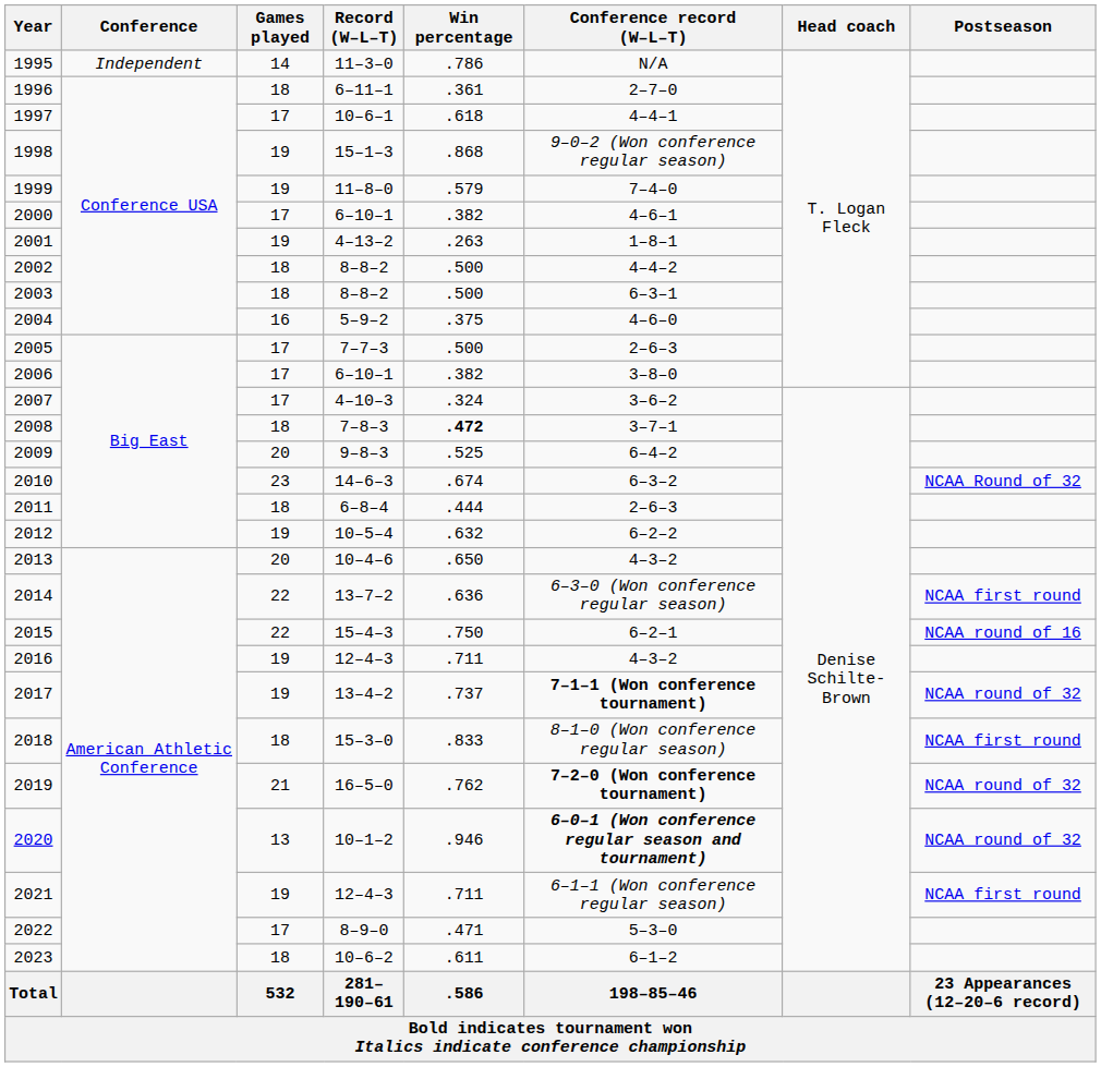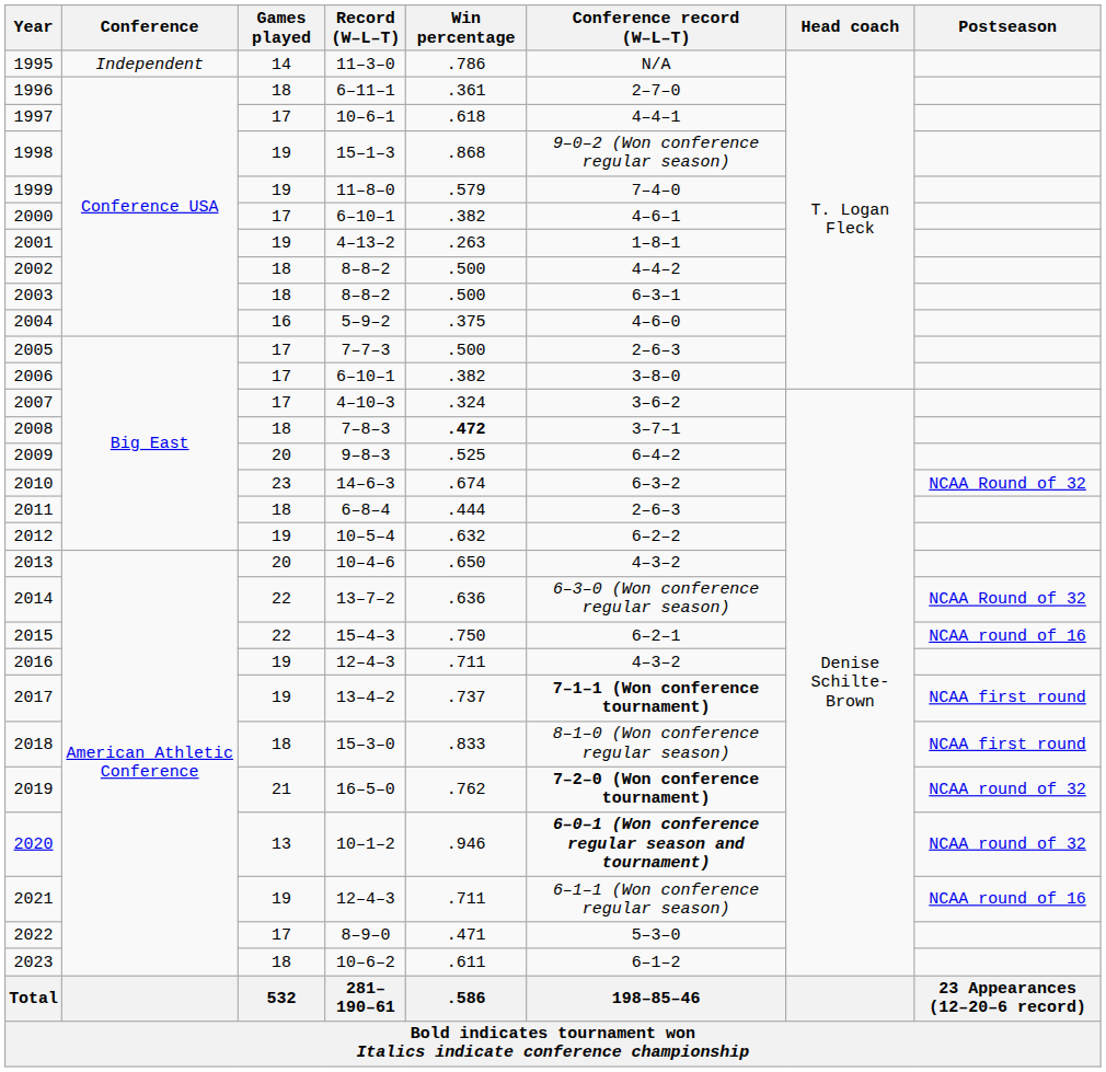 <table class="wikitable sortable" style="text-align:center;">
 <tr>
 <th style="text-align:center;">Year</th>
 <th style="text-align:center;">Conference</th>
 <th style="text-align:center;">Games played</th>
 <th style="text-align:center;">Record<br>(W–L–T)</th>
 <th style="text-align:center;">Win percentage</th>
 <th style="text-align:center;">Conference record<br>(W–L–T)</th>
 <th style="text-align:center;">Head coach</th>
 <th style="text-align:center;">Postseason</th>
 </tr>
 <tr>
 <td>1995</td>
 <td><em>Independent</em></td>
 <td>14</td>
 <td>11–3–0</td>
 <td>.786</td>
 <td>N/A</td>
 <td rowspan="12">T. Logan Fleck</td>
 <td></td>
 </tr>
 <tr>
 <td>1996</td>
 <td rowspan="9"><a href='#'>Conference USA</a></td>
 <td>18</td>
 <td>6–11–1</td>
 <td>.361</td>
 <td>2–7–0</td>
 <td></td>
 </tr>
 <tr>
 <td>1997</td>
 <td>17</td>
 <td>10–6–1</td>
 <td>.618</td>
 <td>4–4–1</td>
 <td></td>
 </tr>
 <tr>
 <td>1998</td>
 <td>19</td>
 <td>15–1–3</td>
 <td>.868</td>
 <td><em>9–0–2 (Won conference regular season)</em></td>
 <td></td>
 </tr>
 <tr>
 <td>1999</td>
 <td>19</td>
 <td>11–8–0</td>
 <td>.579</td>
 <td>7–4–0</td>
 <td></td>
 </tr>
 <tr>
 <td>2000</td>
 <td>17</td>
 <td>6–10–1</td>
 <td>.382</td>
 <td>4–6–1</td>
 <td></td>
 </tr>
 <tr>
 <td>2001</td>
 <td>19</td>
 <td>4–13–2</td>
 <td>.263</td>
 <td>1–8–1</td>
 <td></td>
 </tr>
 <tr>
 <td>2002</td>
 <td>18</td>
 <td>8–8–2</td>
 <td>.500</td>
 <td>4–4–2</td>
 <td></td>
 </tr>
 <tr>
 <td>2003</td>
 <td>18</td>
 <td>8–8–2</td>
 <td>.500</td>
 <td>6–3–1</td>
 <td></td>
 </tr>
 <tr>
 <td>2004</td>
 <td>16</td>
 <td>5–9–2</td>
 <td>.375</td>
 <td>4–6–0</td>
 <td></td>
 </tr>
 <tr>
 <td>2005</td>
 <td rowspan="8"><a href='#'>Big East</a></td>
 <td>17</td>
 <td>7–7–3</td>
 <td>.500</td>
 <td>2–6–3</td>
 <td></td>
 </tr>
 <tr>
 <td>2006</td>
 <td>17</td>
 <td>6–10–1</td>
 <td>.382</td>
 <td>3–8–0</td>
 <td></td>
 </tr>
 <tr>
 <td>2007</td>
 <td>17</td>
 <td>4–10–3</td>
 <td>.324</td>
 <td>3–6–2</td>
 <td rowspan="17">Denise Schilte-Brown</td>
 <td></td>
 </tr>
 <tr>
 <td>2008</td>
 <td>18</td>
 <td>7–8–3</td>
 <td><strong>.472</strong></td>
 <td>3–7–1</td>
 <td></td>
 </tr>
 <tr>
 <td>2009</td>
 <td>20</td>
 <td>9–8–3</td>
 <td>.525</td>
 <td>6–4–2</td>
 <td></td>
 </tr>
 <tr>
 <td>2010</td>
 <td>23</td>
 <td>14–6–3</td>
 <td>.674</td>
 <td>6–3–2</td>
 <td><a href='#'>NCAA Round of 32</a></td>
 </tr>
 <tr>
 <td>2011</td>
 <td>18</td>
 <td>6–8–4</td>
 <td>.444</td>
 <td>2–6–3</td>
 <td></td>
 </tr>
 <tr>
 <td>2012</td>
 <td>19</td>
 <td>10–5–4</td>
 <td>.632</td>
 <td>6–2–2</td>
 <td></td>
 </tr>
 <tr>
 <td>2013</td>
 <td rowspan="11"><a href='#'>American Athletic Conference</a></td>
 <td>20</td>
 <td>10–4–6</td>
 <td>.650</td>
 <td>4–3–2</td>
 <td></td>
 </tr>
 <tr>
 <td>2014</td>
 <td>22</td>
 <td>13–7–2</td>
 <td>.636</td>
 <td><em>6–3–0 (Won conference regular season)</em></td>
-<td><a href='#'>NCAA first round</a></td>
+<td><a href='#'>NCAA Round of 32</a></td>
 </tr>
 <tr>
 <td>2015</td>
 <td>22</td>
 <td>15–4–3</td>
 <td>.750</td>
 <td>6–2–1</td>
 <td><a href='#'>NCAA round of 16</a></td>
 </tr>
 <tr>
 <td>2016</td>
 <td>19</td>
 <td>12–4–3</td>
 <td>.711</td>
 <td>4–3–2</td>
 <td></td>
 </tr>
 <tr>
 <td>2017</td>
 <td>19</td>
 <td>13–4–2</td>
 <td>.737</td>
 <td><strong>7–1–1</strong> <strong>(Won conference tournament)</strong></td>
-<td><a href='#'>NCAA round of 32</a></td>
+<td><a href='#'>NCAA first round</a></td>
 </tr>
 <tr>
 <td>2018</td>
 <td>18</td>
 <td>15–3–0</td>
 <td>.833</td>
 <td><em>8–1–0</em> <em>(Won conference regular season)</em></td>
 <td><a href='#'>NCAA first round</a></td>
 </tr>
 <tr>
 <td>2019</td>
 <td>21</td>
 <td>16–5–0</td>
 <td>.762</td>
 <td><strong>7–2–0 (Won conference tournament)</strong></td>
 <td><a href='#'>NCAA round of 32</a></td>
 </tr>
 <tr>
 <td><a href='#'>2020</a></td>
 <td>13</td>
 <td>10–1–2</td>
 <td>.946</td>
 <td><strong><em>6–0–1 (Won conference regular season and tournament)</em></strong></td>
 <td><a href='#'>NCAA round of 32</a></td>
 </tr>
 <tr>
 <td>2021</td>
 <td>19</td>
 <td>12–4–3</td>
 <td>.711</td>
 <td><em>6–1–1 (Won conference regular season)</em></td>
-<td><a href='#'>NCAA first round</a></td>
+<td><a href='#'>NCAA round of 16</a></td>
 </tr>
 <tr>
 <td>2022</td>
 <td>17</td>
 <td>8–9–0</td>
 <td>.471</td>
 <td>5–3–0</td>
 <td></td>
 </tr>
 <tr>
 <td>2023</td>
 <td>18</td>
 <td>10–6–2</td>
 <td>.611</td>
 <td>6–1–2</td>
 <td></td>
 </tr>
 <tr>
 <th style="text-align:center;">Total</th>
 <th style="text-align:center;"></th>
 <th style="text-align:center;">532</th>
 <th style="text-align:center;">281–190–61</th>
 <th style="text-align:center;">.586</th>
 <th style="text-align:center;">198–85–46</th>
 <th style="text-align:center;"></th>
 <th style="text-align:center;">23 Appearances (12–20–6 record)</th>
 </tr>
 <tr>
 <th colspan="8" style="text-align:center;"><strong>Bold indicates tournament won</strong><br><strong><em>Italics indicate conference championship</em></strong></th>
 </tr>
 </table>
